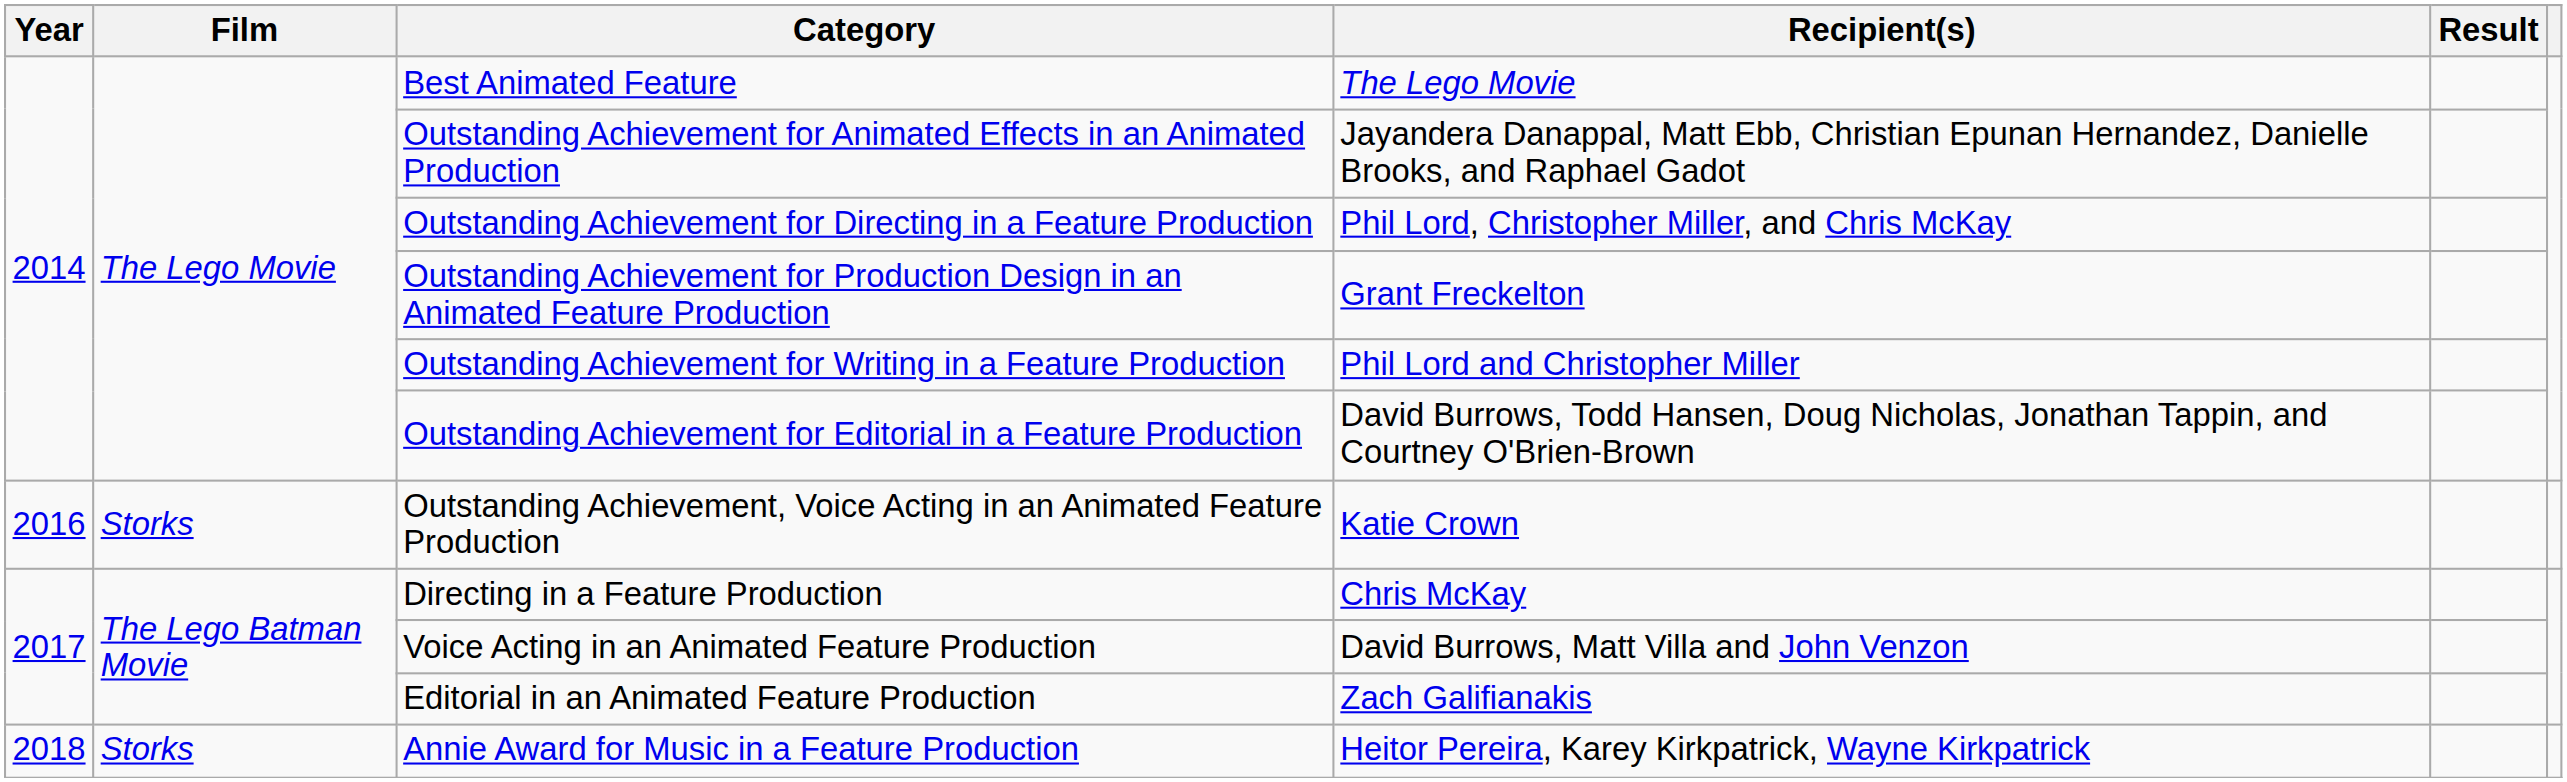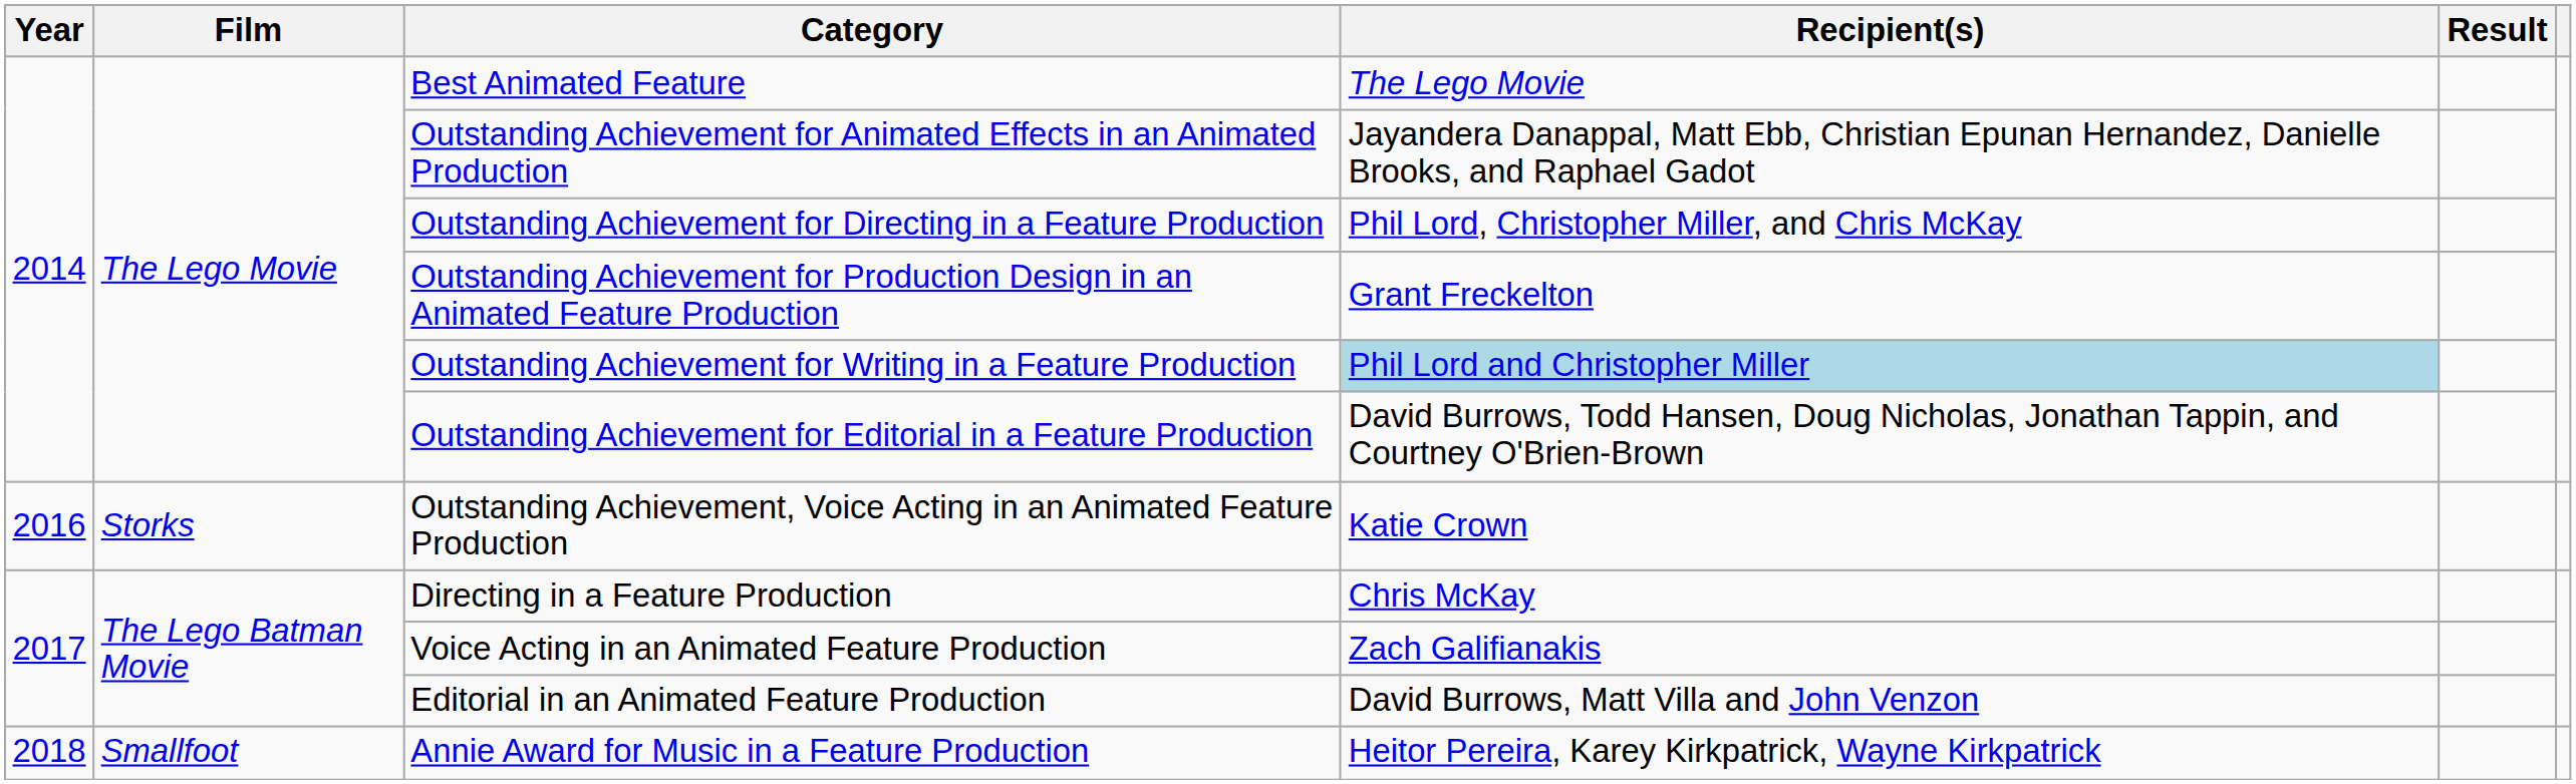 <table class="wikitable sortable plainrowheaders">
 <tr>
 <th>Year</th>
 <th>Film</th>
 <th>Category</th>
 <th>Recipient(s)</th>
 <th>Result</th>
 <th></th>
 </tr>
 <tr>
 <td rowspan="6"><a href='#'>2014</a></td>
 <td rowspan="6"><em><a href='#'>The Lego Movie</a></em></td>
 <td><a href='#'>Best Animated Feature</a></td>
 <td data-sort-value="Lego Movie, The"><em><a href='#'>The Lego Movie</a></em></td>
 <td></td>
 <td rowspan="6" style="text-align:center;"></td>
 </tr>
 <tr>
 <td><a href='#'>Outstanding Achievement for Animated Effects in an Animated Production</a></td>
 <td data-sort-value="Danappal, Jayandera; Ebb, Matt; Hernandez, Christian Epunan; Brooks, Danielle; and Gadot, Raphael">Jayandera Danappal, Matt Ebb, Christian Epunan Hernandez, Danielle Brooks, and Raphael Gadot</td>
 <td></td>
 </tr>
 <tr>
 <td><a href='#'>Outstanding Achievement for Directing in a Feature Production</a></td>
 <td data-sort-value="Lord, Phil; Miller, Christopher; and McKay, Chris;"><a href='#'>Phil Lord</a>, <a href='#'>Christopher Miller</a>, and <a href='#'>Chris McKay</a></td>
 <td></td>
 </tr>
 <tr>
 <td><a href='#'>Outstanding Achievement for Production Design in an Animated Feature Production</a></td>
 <td data-sort-value="Freckelton, Grant"><a href='#'>Grant Freckelton</a></td>
 <td></td>
 </tr>
 <tr>
 <td><a href='#'>Outstanding Achievement for Writing in a Feature Production</a></td>
-<td data-sort-value="Lord, Phil and Miller, Christopher"><a href='#'>Phil Lord and Christopher Miller</a></td>
+<td data-sort-value="Lord, Phil and Miller, Christopher" style="background: lightblue;"><a href='#'>Phil Lord and Christopher Miller</a></td>
 <td></td>
 </tr>
 <tr>
 <td><a href='#'>Outstanding Achievement for Editorial in a Feature Production</a></td>
 <td data-sort-value="Burrows, David; Hansen; Todd; Nicholas, Doug; Tappin, Jonathan; and O'Brien-Brown, Courtney">David Burrows, Todd Hansen, Doug Nicholas, Jonathan Tappin, and Courtney O'Brien-Brown</td>
 <td></td>
 </tr>
 <tr>
 <td><a href='#'>2016</a></td>
 <td><em><a href='#'>Storks</a></em></td>
 <td>Outstanding Achievement, Voice Acting in an Animated Feature Production</td>
 <td><a href='#'>Katie Crown</a></td>
 <td></td>
 <td></td>
 </tr>
 <tr>
 <td rowspan="3"><a href='#'>2017</a></td>
 <td rowspan="3"><em><a href='#'>The Lego Batman Movie</a></em></td>
 <td>Directing in a Feature Production</td>
 <td><a href='#'>Chris McKay</a></td>
 <td></td>
 <td rowspan="3" style="text-align:center;"></td>
 </tr>
 <tr>
 <td>Voice Acting in an Animated Feature Production</td>
+<td><a href='#'>Zach Galifianakis</a></td>
+<td></td>
+</tr>
+<tr>
+<td>Editorial in an Animated Feature Production</td>
 <td>David Burrows, Matt Villa and <a href='#'>John Venzon</a></td>
 <td></td>
 </tr>
 <tr>
-<td>Editorial in an Animated Feature Production</td>
-<td><a href='#'>Zach Galifianakis</a></td>
-<td></td>
-</tr>
-<tr>
 <td><a href='#'>2018</a></td>
-<td><em><a href='#'>Storks</a></em></td>
+<td><em><a href='#'>Smallfoot</a></em></td>
 <td><a href='#'>Annie Award for Music in a Feature Production</a></td>
 <td><a href='#'>Heitor Pereira</a>, Karey Kirkpatrick, <a href='#'>Wayne Kirkpatrick</a></td>
 <td></td>
 <td style="text-align:center;"></td>
 </tr>
 <tr>
 </tr>
 </table>
